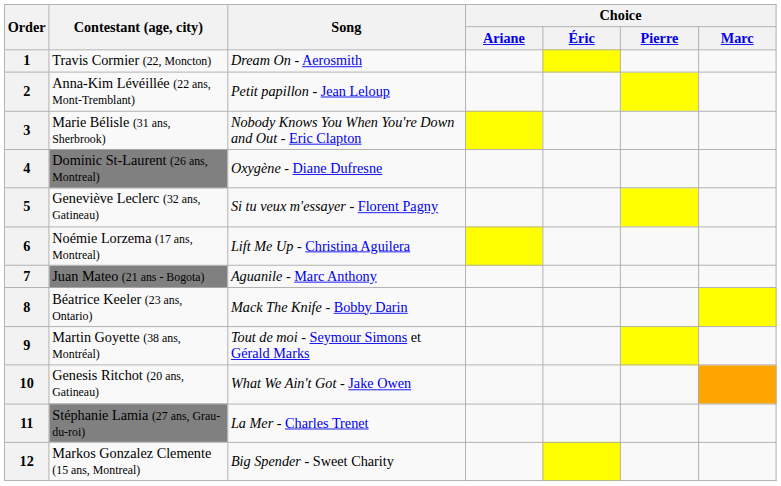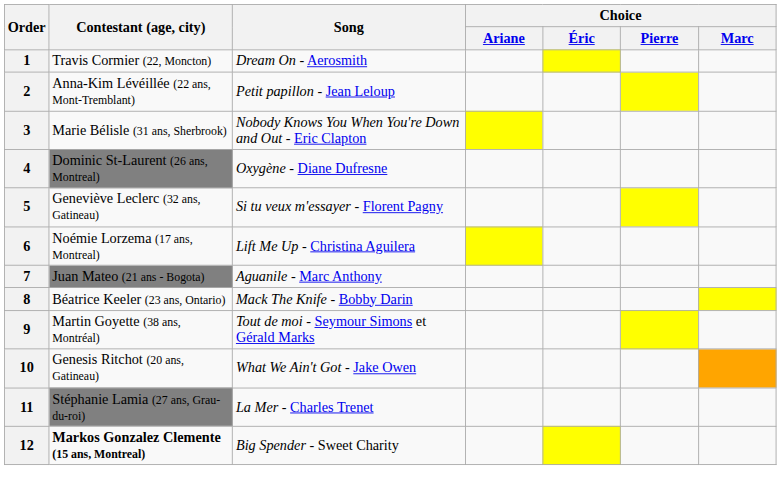 <table class="wikitable plainrowheaders" width:90%; ">
 <tr>
 <th rowspan="2" scope="col">Order</th>
 <th rowspan="2" scope="col">Contestant (age, city)</th>
 <th rowspan="2" scope="col">Song</th>
 <th colspan="4">Choice</th>
 </tr>
 <tr>
 <th style="width:5em;"><a href='#'>Ariane</a></th>
 <th style="width:5em;"><a href='#'>Éric</a></th>
 <th style="width:5em;"><a href='#'>Pierre</a></th>
 <th style="width:5em;"><a href='#'>Marc</a></th>
 </tr>
 <tr>
 <th>1</th>
 <td>Travis Cormier <small>(22, Moncton)</small></td>
 <td><em>Dream On</em> - <a href='#'>Aerosmith</a></td>
 <td style="background:;text-align:center;"></td>
 <td style="background:yellow;text-align:center;"></td>
 <td style="background:;text-align:center;"></td>
 <td style="background:;text-align:center;"></td>
 </tr>
 <tr>
 <th>2</th>
 <td>Anna-Kim Lévéillée <small>(22 ans, Mont-Tremblant)</small></td>
 <td><em>Petit papillon</em> - <a href='#'>Jean Leloup</a></td>
 <td style="background:;text-align:center;"></td>
 <td></td>
 <td style="background:yellow;text-align:center;"></td>
 <td></td>
 </tr>
 <tr>
 <th>3</th>
 <td>Marie Bélisle <small>(31 ans, Sherbrook)</small></td>
 <td><em>Nobody Knows You When You're Down and Out</em> - <a href='#'>Eric Clapton</a></td>
 <td style="background:yellow;text-align:center;"></td>
 <td style="background:;text-align:center;"></td>
 <td style="background:;text-align:center;"></td>
 <td style="background:;text-align:center;"></td>
 </tr>
 <tr>
 <th>4</th>
 <td bgcolor="gray">Dominic St-Laurent <small>(26 ans, Montreal)</small></td>
 <td><em>Oxygène</em> - <a href='#'>Diane Dufresne</a></td>
 <td></td>
 <td></td>
 <td></td>
 <td></td>
 </tr>
 <tr>
 <th>5</th>
 <td>Geneviève Leclerc <small>(32 ans, Gatineau)</small></td>
 <td><em>Si tu veux m'essayer</em> - <a href='#'>Florent Pagny</a></td>
 <td style="background:;text-align:center;"></td>
 <td style="background:;text-align:center;"></td>
 <td style="background:yellow;text-align:center;"></td>
 <td></td>
 </tr>
 <tr>
 <th>6</th>
 <td>Noémie Lorzema <small>(17 ans, Montreal)</small></td>
 <td><em>Lift Me Up</em> - <a href='#'>Christina Aguilera</a></td>
 <td style="background:yellow;text-align:center;"></td>
 <td style="background:;text-align:center;"></td>
 <td style="background:;text-align:center;"></td>
 <td style="background:;text-align:center;"></td>
 </tr>
 <tr>
 <th>7</th>
 <td bgcolor="gray">Juan Mateo <small>(21 ans - Bogota)</small></td>
 <td><em>Aguanile</em> - <a href='#'>Marc Anthony</a></td>
 <td></td>
 <td></td>
 <td></td>
 <td></td>
 </tr>
 <tr>
 <th>8</th>
 <td>Béatrice Keeler <small>(23 ans, Ontario)</small></td>
 <td><em>Mack The Knife</em> - <a href='#'>Bobby Darin</a></td>
 <td style="background:;text-align:center;"></td>
 <td style="background:;text-align:center;"></td>
 <td style="background:;text-align:center;"></td>
 <td style="background:yellow;text-align:center;"></td>
 </tr>
 <tr>
 <th>9</th>
 <td>Martin Goyette <small>(38 ans, Montréal)</small></td>
 <td><em>Tout de moi</em> - <a href='#'>Seymour Simons</a> et <a href='#'>Gérald Marks</a></td>
 <td></td>
 <td style="background:;text-align:center;"></td>
 <td style="background:yellow;text-align:center;"></td>
 <td></td>
 </tr>
 <tr>
 <th>10</th>
 <td>Genesis Ritchot <small>(20 ans, Gatineau)</small></td>
 <td><em>What We Ain't Got</em> - <a href='#'>Jake Owen</a></td>
 <td></td>
 <td></td>
 <td></td>
 <td style="background:orange;text-align:center;"></td>
 </tr>
 <tr>
 <th>11</th>
 <td bgcolor="gray">Stéphanie Lamia <small>(27 ans, Grau-du-roi)</small></td>
 <td><em>La Mer</em> - <a href='#'>Charles Trenet</a></td>
 <td></td>
 <td></td>
 <td></td>
 <td></td>
 </tr>
 <tr>
 <th>12</th>
-<td>Markos Gonzalez Clemente <small>(15 ans, Montreal)</small></td>
+<td><strong>Markos Gonzalez Clemente <small>(15 ans, Montreal)</small></strong></td>
 <td><em>Big Spender</em> - Sweet Charity</td>
 <td style="background:;text-align:center;"></td>
 <td style="background:yellow;text-align:center;"></td>
 <td style="background:;text-align:center;"></td>
 <td style="background:;text-align:center;"></td>
 </tr>
 </table>
